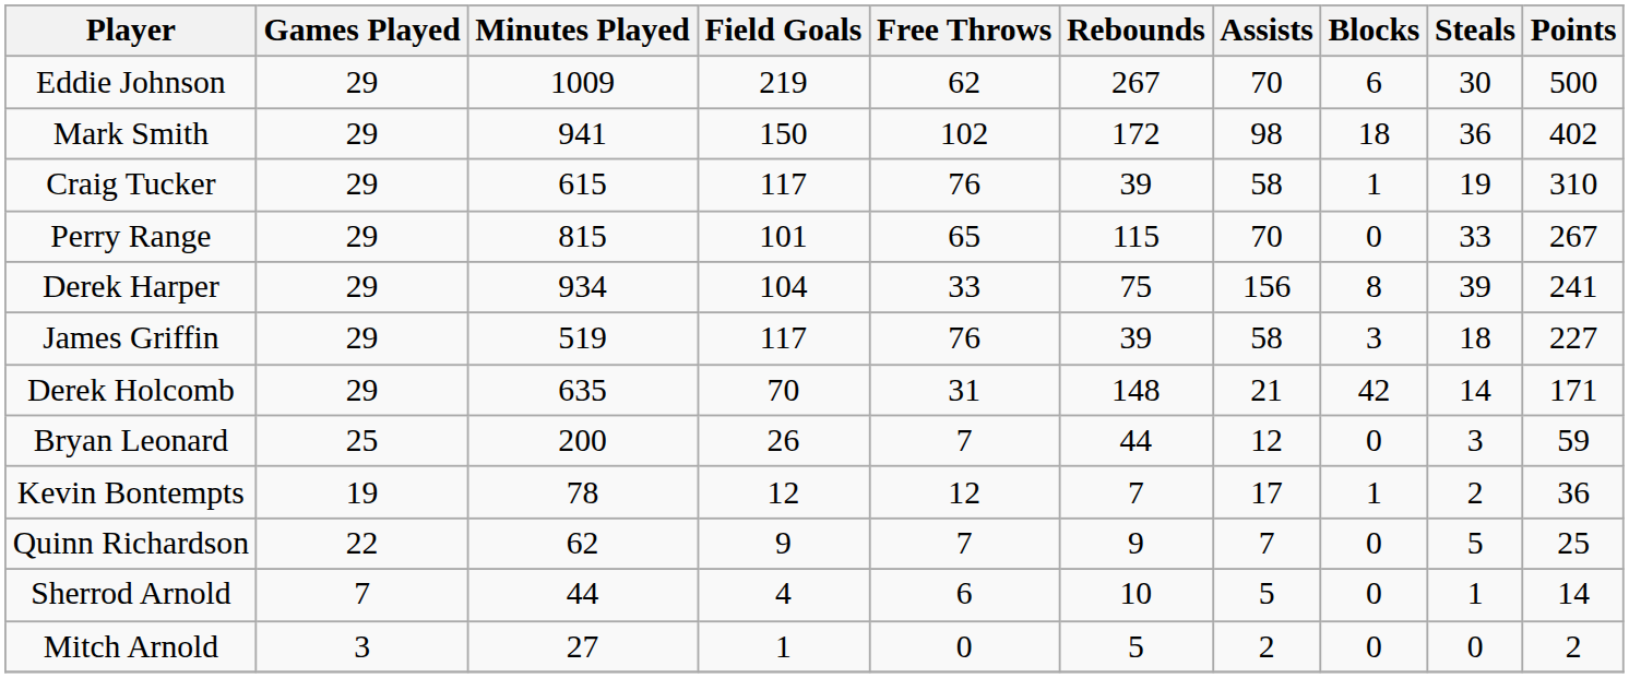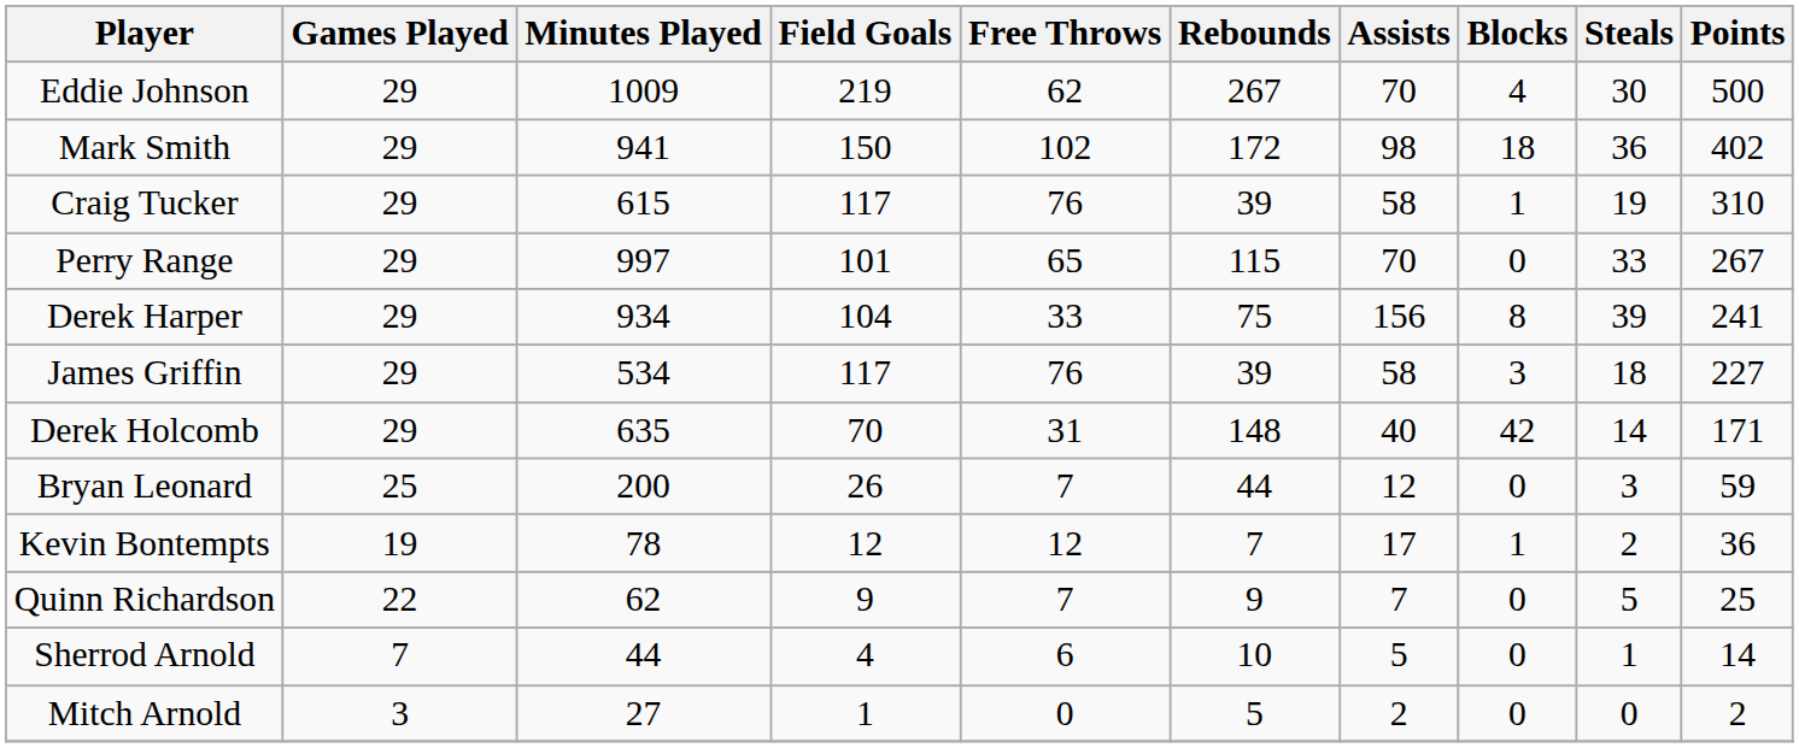 <table class="wikitable sortable">
 <tr>
 <th>Player</th>
 <th>Games Played</th>
 <th>Minutes Played</th>
 <th>Field Goals</th>
 <th>Free Throws</th>
 <th>Rebounds</th>
 <th>Assists</th>
 <th>Blocks</th>
 <th>Steals</th>
 <th>Points</th>
 </tr>
 <tr align="center" bgcolor="">
 <td>Eddie Johnson</td>
 <td>29</td>
 <td>1009</td>
 <td>219</td>
 <td>62</td>
 <td>267</td>
 <td>70</td>
-<td>6</td>
+<td>4</td>
 <td>30</td>
 <td>500</td>
 </tr>
 <tr align="center" bgcolor="">
 <td>Mark Smith</td>
 <td>29</td>
 <td>941</td>
 <td>150</td>
 <td>102</td>
 <td>172</td>
 <td>98</td>
 <td>18</td>
 <td>36</td>
 <td>402</td>
 </tr>
 <tr align="center" bgcolor="">
 <td>Craig Tucker</td>
 <td>29</td>
 <td>615</td>
 <td>117</td>
 <td>76</td>
 <td>39</td>
 <td>58</td>
 <td>1</td>
 <td>19</td>
 <td>310</td>
 </tr>
 <tr align="center" bgcolor="">
 <td>Perry Range</td>
 <td>29</td>
-<td>815</td>
+<td>997</td>
 <td>101</td>
 <td>65</td>
 <td>115</td>
 <td>70</td>
 <td>0</td>
 <td>33</td>
 <td>267</td>
 </tr>
 <tr align="center" bgcolor="">
 <td>Derek Harper</td>
 <td>29</td>
 <td>934</td>
 <td>104</td>
 <td>33</td>
 <td>75</td>
 <td>156</td>
 <td>8</td>
 <td>39</td>
 <td>241</td>
 </tr>
 <tr align="center" bgcolor="">
 <td>James Griffin</td>
 <td>29</td>
-<td>519</td>
+<td>534</td>
 <td>117</td>
 <td>76</td>
 <td>39</td>
 <td>58</td>
 <td>3</td>
 <td>18</td>
 <td>227</td>
 </tr>
 <tr align="center" bgcolor="">
 <td>Derek Holcomb</td>
 <td>29</td>
 <td>635</td>
 <td>70</td>
 <td>31</td>
 <td>148</td>
-<td>21</td>
+<td>40</td>
 <td>42</td>
 <td>14</td>
 <td>171</td>
 </tr>
 <tr align="center" bgcolor="">
 <td>Bryan Leonard</td>
 <td>25</td>
 <td>200</td>
 <td>26</td>
 <td>7</td>
 <td>44</td>
 <td>12</td>
 <td>0</td>
 <td>3</td>
 <td>59</td>
 </tr>
 <tr align="center" bgcolor="">
 <td>Kevin Bontempts</td>
 <td>19</td>
 <td>78</td>
 <td>12</td>
 <td>12</td>
 <td>7</td>
 <td>17</td>
 <td>1</td>
 <td>2</td>
 <td>36</td>
 </tr>
 <tr align="center" bgcolor="">
 <td>Quinn Richardson</td>
 <td>22</td>
 <td>62</td>
 <td>9</td>
 <td>7</td>
 <td>9</td>
 <td>7</td>
 <td>0</td>
 <td>5</td>
 <td>25</td>
 </tr>
 <tr align="center" bgcolor="">
 <td>Sherrod Arnold</td>
 <td>7</td>
 <td>44</td>
 <td>4</td>
 <td>6</td>
 <td>10</td>
 <td>5</td>
 <td>0</td>
 <td>1</td>
 <td>14</td>
 </tr>
 <tr align="center" bgcolor="">
 <td>Mitch Arnold</td>
 <td>3</td>
 <td>27</td>
 <td>1</td>
 <td>0</td>
 <td>5</td>
 <td>2</td>
 <td>0</td>
 <td>0</td>
 <td>2</td>
 </tr>
 <tr align="center" bgcolor="">
 </tr>
 </table>
